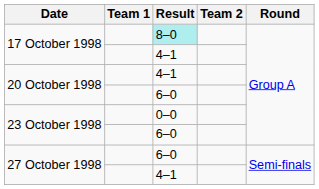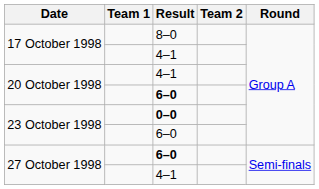 <table class="wikitable" style="text-align: left;">
 <tr>
 <th>Date</th>
 <th>Team 1</th>
 <th>Result</th>
 <th>Team 2</th>
 <th>Round</th>
 </tr>
 <tr>
 <td rowspan=2>17 October 1998</td>
 <td></td>
-<td style="background: paleturquoise;">8–0</td>
+<td>8–0</td>
 <td></td>
 <td rowspan=6><a href='#'>Group A</a></td>
 </tr>
 <tr>
 <td></td>
 <td>4–1</td>
 <td></td>
 </tr>
 <tr>
 <td rowspan=2>20 October 1998</td>
 <td></td>
 <td>4–1</td>
 <td></td>
 </tr>
 <tr>
 <td></td>
-<td>6–0</td>
+<td><strong>6–0</strong></td>
 <td></td>
 </tr>
 <tr>
 <td rowspan=2>23 October 1998</td>
 <td></td>
-<td>0–0</td>
+<td><strong>0–0</strong></td>
 <td></td>
 </tr>
 <tr>
 <td></td>
 <td>6–0</td>
 <td></td>
 </tr>
 <tr>
 <td rowspan=2>27 October 1998</td>
 <td></td>
-<td>6–0</td>
+<td><strong>6–0</strong></td>
 <td></td>
 <td rowspan=2><a href='#'>Semi-finals</a></td>
 </tr>
 <tr>
 <td></td>
 <td>4–1 </td>
 <td></td>
 </tr>
 </table>
